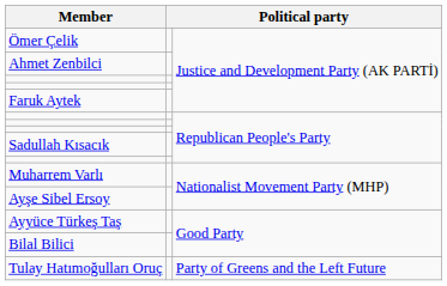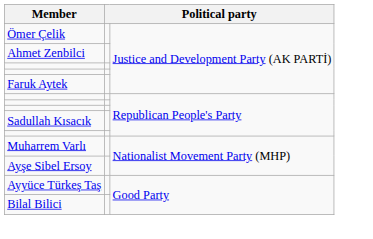 <table class="wikitable sortable">
 <tr>
 <th>Member</th>
 <th colspan="2">Political party</th>
 </tr>
 <tr>
 <td><a href='#'>Ömer Çelik</a></td>
 <td style="background:"></td>
 <td rowspan="5"><a href='#'>Justice and Development Party</a> (AK PARTİ)</td>
 </tr>
 <tr>
 <td><a href='#'>Ahmet Zenbilci</a></td>
 <td style="background:"></td>
 </tr>
 <tr>
 <td></td>
 <td style="background:"></td>
 </tr>
 <tr>
 <td></td>
 <td style="background:"></td>
 </tr>
 <tr>
 <td><a href='#'>Faruk Aytek</a></td>
 <td style="background:"></td>
 </tr>
 <tr>
 <td></td>
 <td style="background:"></td>
 <td rowspan="5"><a href='#'>Republican People's Party</a></td>
 </tr>
 <tr>
 <td></td>
 <td style="background:"></td>
 </tr>
 <tr>
 <td></td>
 <td style="background:"></td>
 </tr>
 <tr>
 <td><a href='#'>Sadullah Kısacık</a></td>
 <td style="background:"></td>
 </tr>
 <tr>
 <td></td>
 <td style="background:"></td>
 </tr>
 <tr>
 <td><a href='#'>Muharrem Varlı</a></td>
 <td style="background:"></td>
 <td rowspan="2"><a href='#'>Nationalist Movement Party</a> (MHP)</td>
 </tr>
 <tr>
 <td><a href='#'>Ayşe Sibel Ersoy</a></td>
 <td style="background:"></td>
 </tr>
 <tr>
 <td><a href='#'>Ayyüce Türkeş Taş</a></td>
 <td style="background:"></td>
 <td rowspan="2"><a href='#'>Good Party</a></td>
 </tr>
 <tr>
 <td><a href='#'>Bilal Bilici</a></td>
 <td style="background:"></td>
 </tr>
-<tr>
-<td><a href='#'>Tulay Hatımoğulları Oruç</a></td>
-<td rowspan="1"></td>
-<td><a href='#'>Party of Greens and the Left Future</a></td>
-</tr>
 </table>
